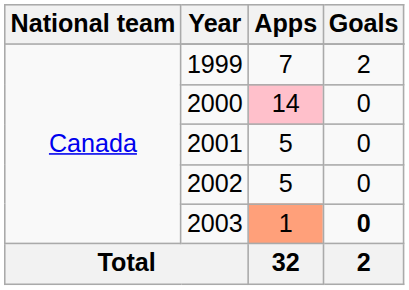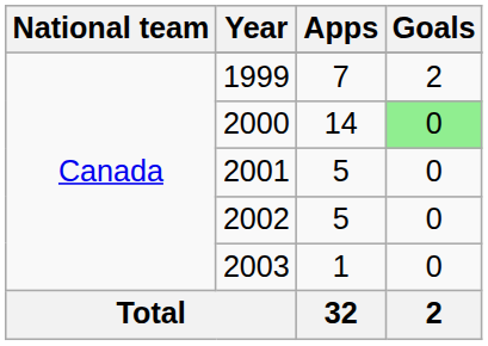 <table class="wikitable" style="text-align: center;">
 <tr>
 <th>National team</th>
 <th>Year</th>
 <th>Apps</th>
 <th>Goals</th>
 </tr>
 <tr>
 <td rowspan=6><a href='#'>Canada</a></td>
 </tr>
 <tr>
 <td>1999</td>
 <td>7</td>
 <td>2</td>
 </tr>
 <tr>
 <td>2000</td>
-<td style="background: pink;">14</td>
-<td>0</td>
+<td>14</td>
+<td style="background: lightgreen;">0</td>
 </tr>
 <tr>
 <td>2001</td>
 <td>5</td>
 <td>0</td>
 </tr>
 <tr>
 <td>2002</td>
 <td>5</td>
 <td>0</td>
 </tr>
 <tr>
 <td>2003</td>
-<td style="background: lightsalmon;">1</td>
-<td><strong>0</strong></td>
+<td>1</td>
+<td>0</td>
 </tr>
 <tr>
 <th colspan=2>Total</th>
 <th>32</th>
 <th>2</th>
 </tr>
 </table>
